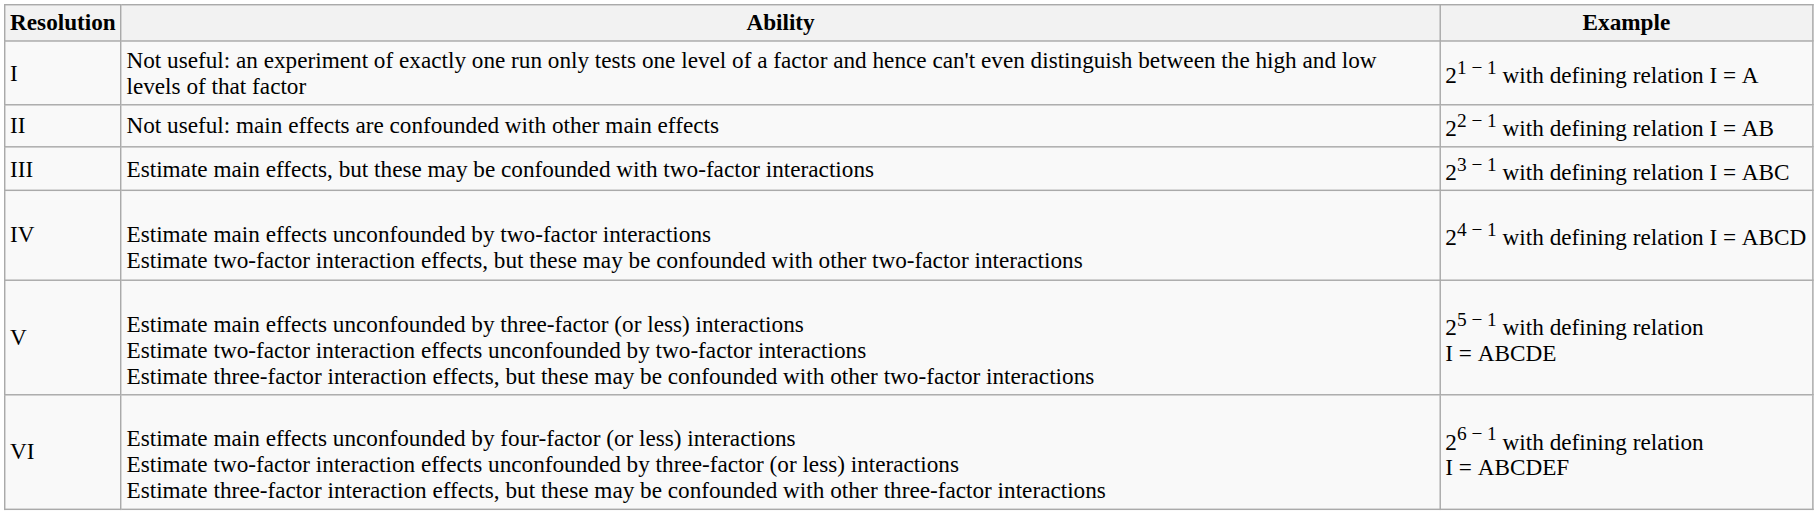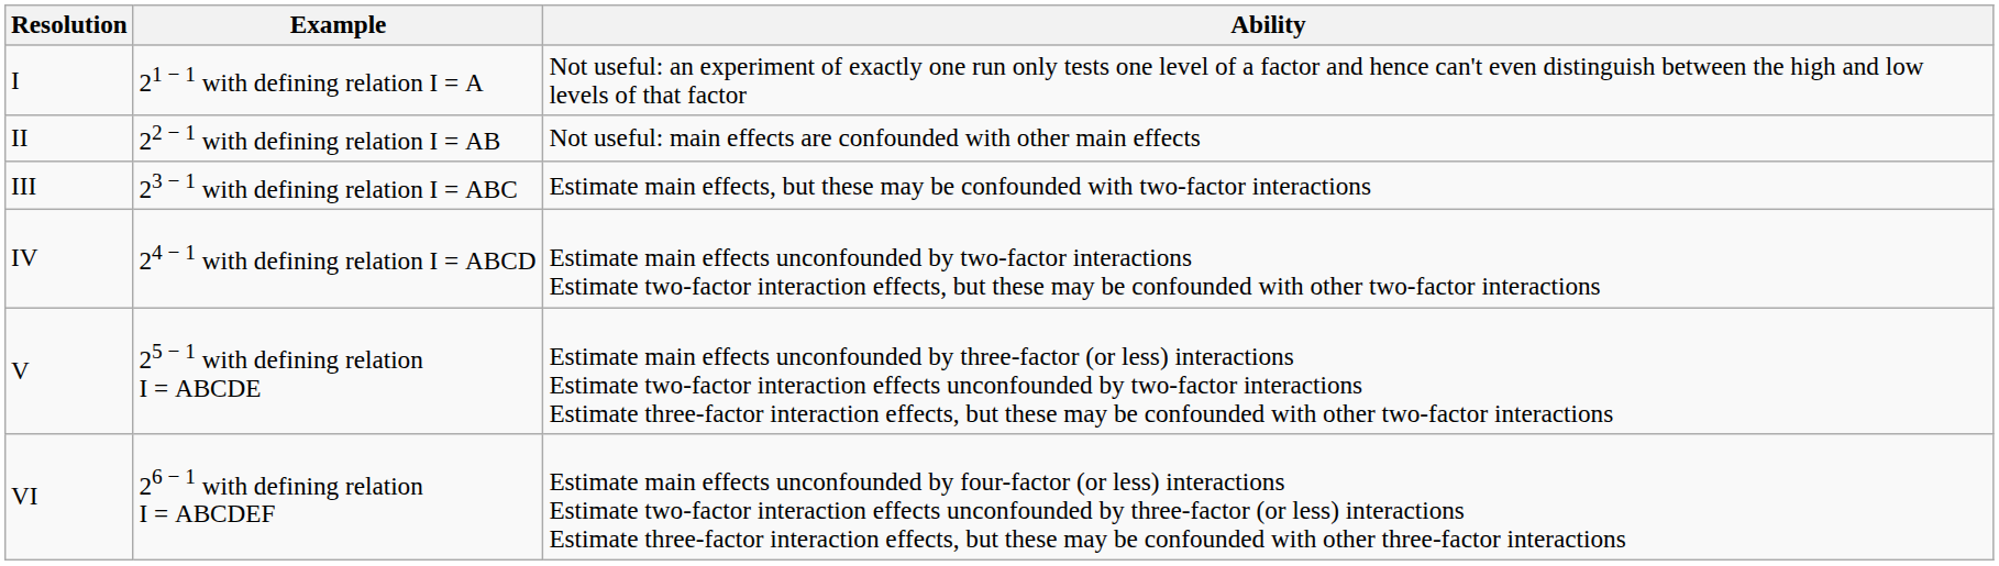 <table class="wikitable">
 <tr>
 <th>Resolution</th>
+<th>Example</th>
 <th>Ability</th>
-<th>Example</th>
 </tr>
 <tr>
 <td>I</td>
+<td>2<sup>1 − 1</sup> with defining relation I = A</td>
 <td>Not useful:  an experiment of exactly one run only tests one level of a factor and hence can't even distinguish between the high and low levels of that factor</td>
-<td>2<sup>1 − 1</sup> with defining relation I = A</td>
 </tr>
 <tr>
 <td>II</td>
+<td>2<sup>2 − 1</sup> with defining relation I = AB</td>
 <td>Not useful:  main effects are confounded with other main effects</td>
-<td>2<sup>2 − 1</sup> with defining relation I = AB</td>
 </tr>
 <tr>
 <td>III</td>
+<td>2<sup>3 − 1</sup> with defining relation I = ABC</td>
 <td>Estimate main effects, but these may be confounded with two-factor interactions</td>
-<td>2<sup>3 − 1</sup> with defining relation I = ABC</td>
 </tr>
 <tr>
 <td>IV</td>
+<td>2<sup>4 − 1</sup> with defining relation I = ABCD</td>
 <td><br>Estimate main effects unconfounded by two-factor interactions<br> Estimate two-factor interaction effects, but these may be confounded with other two-factor interactions</td>
-<td>2<sup>4 − 1</sup> with defining relation I = ABCD</td>
 </tr>
 <tr>
 <td>V</td>
+<td>2<sup>5 − 1</sup> with defining relation I = ABCDE</td>
 <td><br>Estimate main effects unconfounded by three-factor (or less) interactions<br> Estimate two-factor interaction effects unconfounded by two-factor interactions<br> Estimate three-factor interaction effects, but these may be confounded with other two-factor interactions</td>
-<td>2<sup>5 − 1</sup> with defining relation I = ABCDE</td>
 </tr>
 <tr>
 <td>VI</td>
+<td>2<sup>6 − 1</sup> with defining relation I = ABCDEF</td>
 <td><br>Estimate main effects unconfounded by four-factor (or less) interactions<br> Estimate two-factor interaction effects unconfounded by three-factor (or less) interactions<br> Estimate three-factor interaction effects, but these may be confounded with other three-factor interactions</td>
-<td>2<sup>6 − 1</sup> with defining relation I = ABCDEF</td>
 </tr>
 </table>
